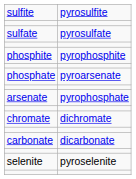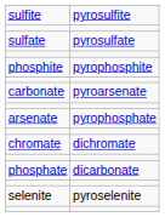 <table class=wikitable>
 <tr>
 <td><a href='#'>sulfite</a></td>
 <td><a href='#'>pyrosulfite</a></td>
 </tr>
 <tr>
 <td></td>
 <td></td>
 </tr>
 <tr>
 <td><a href='#'>sulfate</a></td>
 <td><a href='#'>pyrosulfate</a></td>
 </tr>
 <tr>
 <td></td>
 <td></td>
 </tr>
 <tr>
 <td><a href='#'>phosphite</a></td>
 <td><a href='#'>pyrophosphite</a></td>
 </tr>
 <tr>
 <td></td>
 <td></td>
 </tr>
 <tr>
-<td><a href='#'>phosphate</a></td>
+<td><a href='#'>carbonate</a></td>
 <td><a href='#'>pyroarsenate</a></td>
 </tr>
 <tr>
 <td></td>
 <td></td>
 </tr>
 <tr>
 <td><a href='#'>arsenate</a></td>
 <td><a href='#'>pyrophosphate</a></td>
 </tr>
 <tr>
 <td></td>
 <td></td>
 </tr>
 <tr>
 <td><a href='#'>chromate</a></td>
 <td><a href='#'>dichromate</a></td>
 </tr>
 <tr>
 <td></td>
 <td></td>
 </tr>
 <tr>
-<td><a href='#'>carbonate</a></td>
+<td><a href='#'>phosphate</a></td>
 <td><a href='#'>dicarbonate</a></td>
 </tr>
 <tr>
 <td></td>
 <td></td>
 </tr>
 <tr>
 <td>selenite</td>
 <td>pyroselenite</td>
 </tr>
 <tr>
 <td></td>
 <td></td>
 </tr>
 </table>
